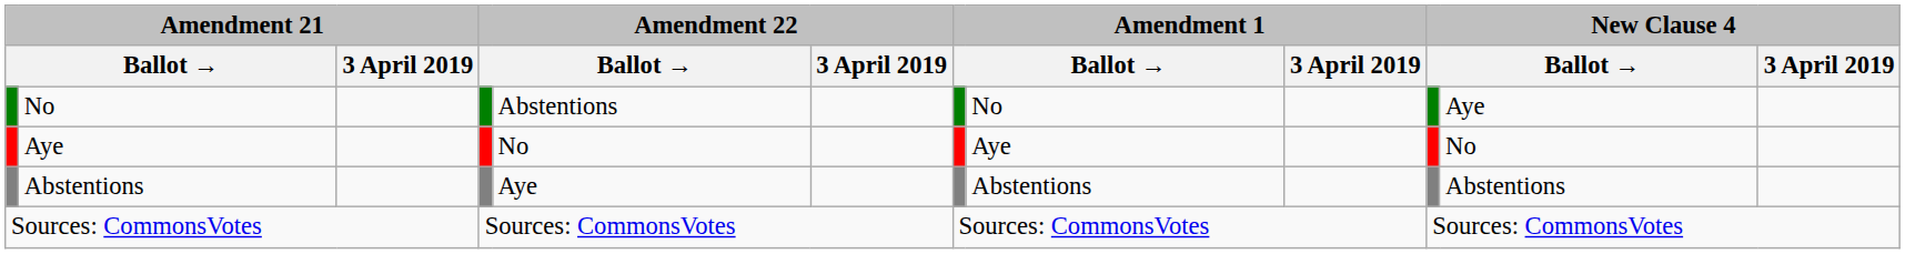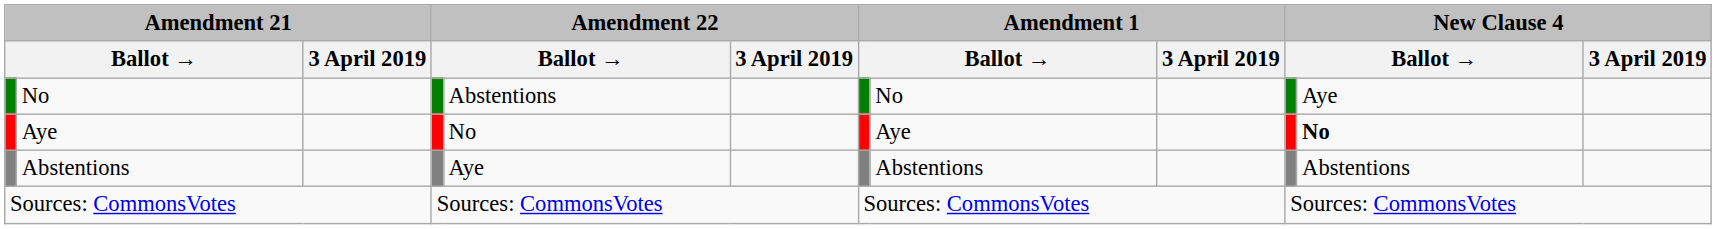 <table class="wikitable" style="text-align:center; font-size:98%;">
 <tr>
 <td colspan="3" align="center" bgcolor="#C0C0C0"><strong>Amendment 21</strong></td>
 <td colspan="3" align="center" bgcolor="#C0C0C0"><strong>Amendment 22</strong></td>
 <td colspan="3" align="center" bgcolor="#C0C0C0"><strong>Amendment 1</strong></td>
 <td colspan="3" align="center" bgcolor="#C0C0C0"><strong>New Clause 4</strong></td>
 </tr>
 <tr>
 <th colspan="2" style="width:200px;">Ballot →</th>
 <th>3 April 2019</th>
 <th colspan="2" style="width:200px;">Ballot →</th>
 <th>3 April 2019</th>
 <th colspan="2" style="width:200px;">Ballot →</th>
 <th>3 April 2019</th>
 <th colspan="2" style="width:200px;">Ballot →</th>
 <th>3 April 2019</th>
 </tr>
 <tr>
 <th style="width:1px; background:green;"></th>
 <td style="text-align:left;">No</td>
 <td></td>
 <th style="width:1px; background:green;"></th>
 <td style="text-align:left;">Abstentions</td>
 <td></td>
 <th style="width:1px; background:green;"></th>
 <td style="text-align:left;">No</td>
 <td></td>
 <th style="width:1px; background:green;"></th>
 <td style="text-align:left;">Aye</td>
 <td></td>
 </tr>
 <tr>
 <th style="background:red;"></th>
 <td style="text-align:left;">Aye</td>
 <td></td>
 <th style="background:red;"></th>
 <td style="text-align:left;">No</td>
 <td></td>
 <th style="background:red;"></th>
 <td style="text-align:left;">Aye</td>
 <td></td>
 <th style="background:red;"></th>
-<td style="text-align:left;">No</td>
+<td style="text-align:left;"><strong>No</strong></td>
 <td></td>
 </tr>
 <tr>
 <th style="background:gray;"></th>
 <td style="text-align:left;">Abstentions</td>
 <td></td>
 <th style="background:gray;"></th>
 <td style="text-align:left;">Aye</td>
 <td></td>
 <th style="background:gray;"></th>
 <td style="text-align:left;">Abstentions</td>
 <td></td>
 <th style="background:gray;"></th>
 <td style="text-align:left;">Abstentions</td>
 <td></td>
 </tr>
 <tr>
 <td colspan="3" style="text-align:left;">Sources: <a href='#'>CommonsVotes</a></td>
 <td colspan="3" style="text-align:left;">Sources: <a href='#'>CommonsVotes</a></td>
 <td colspan="3" style="text-align:left;">Sources: <a href='#'>CommonsVotes</a></td>
 <td colspan="3" style="text-align:left;">Sources: <a href='#'>CommonsVotes</a></td>
 </tr>
 </table>
